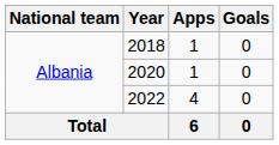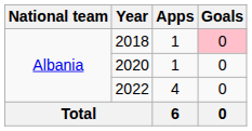 <table class="wikitable" style="text-align:center">
 <tr>
 <th>National team</th>
 <th>Year</th>
 <th>Apps</th>
 <th>Goals</th>
 </tr>
 <tr>
 <td rowspan="3"><a href='#'>Albania</a></td>
 <td>2018</td>
 <td>1</td>
-<td>0</td>
+<td style="background: pink;">0</td>
 </tr>
 <tr>
 <td>2020</td>
 <td>1</td>
 <td>0</td>
 </tr>
 <tr>
 <td>2022</td>
 <td>4</td>
 <td>0</td>
 </tr>
 <tr>
 <th colspan="2">Total</th>
 <th>6</th>
 <th>0</th>
 </tr>
 </table>
